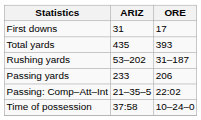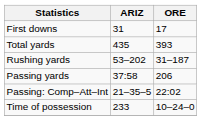 <table class="wikitable" style="float: left;">
 <tr>
 <th>Statistics</th>
 <th>ARIZ</th>
 <th>ORE</th>
 </tr>
 <tr>
 <td>First downs</td>
 <td>31</td>
 <td>17</td>
 </tr>
 <tr>
 <td>Total yards</td>
 <td>435</td>
 <td>393</td>
 </tr>
 <tr>
 <td>Rushing yards</td>
 <td>53–202</td>
 <td>31–187</td>
 </tr>
 <tr>
 <td>Passing yards</td>
-<td>233</td>
+<td>37:58</td>
 <td>206</td>
 </tr>
 <tr>
 <td>Passing: Comp–Att–Int</td>
 <td>21–35–5</td>
 <td>22:02</td>
 </tr>
 <tr>
 <td>Time of possession</td>
-<td>37:58</td>
+<td>233</td>
 <td>10–24–0</td>
 </tr>
 <tr>
 </tr>
 </table>
